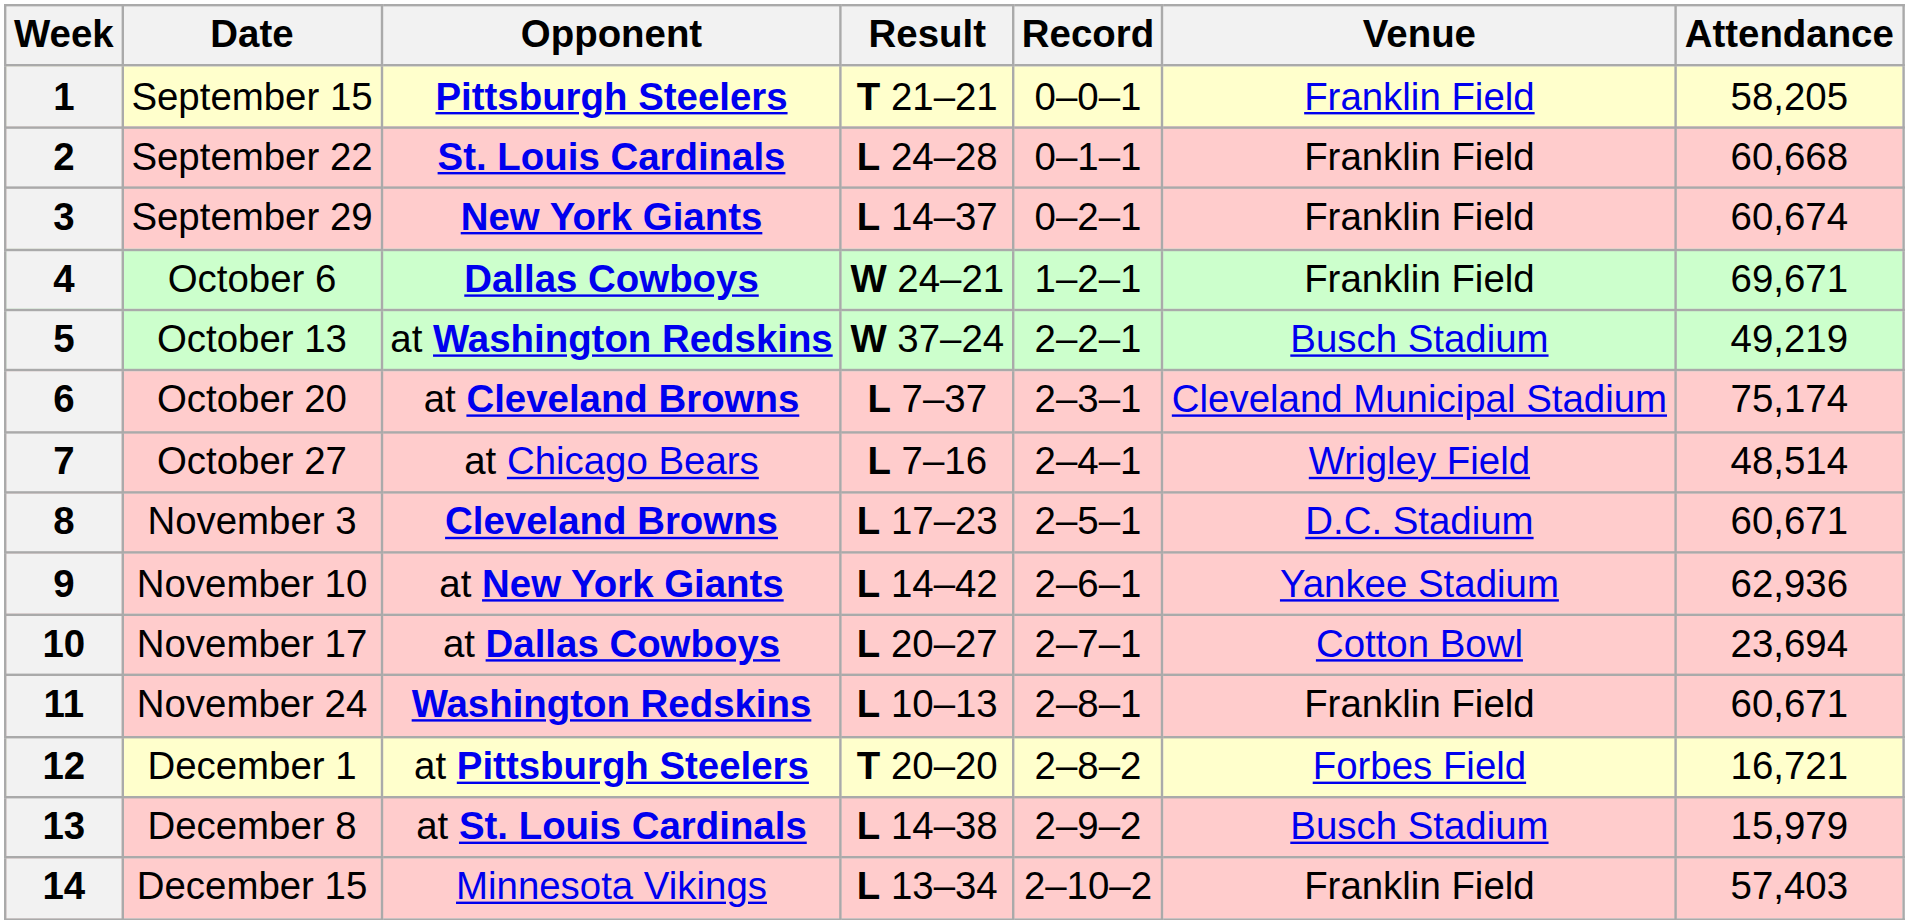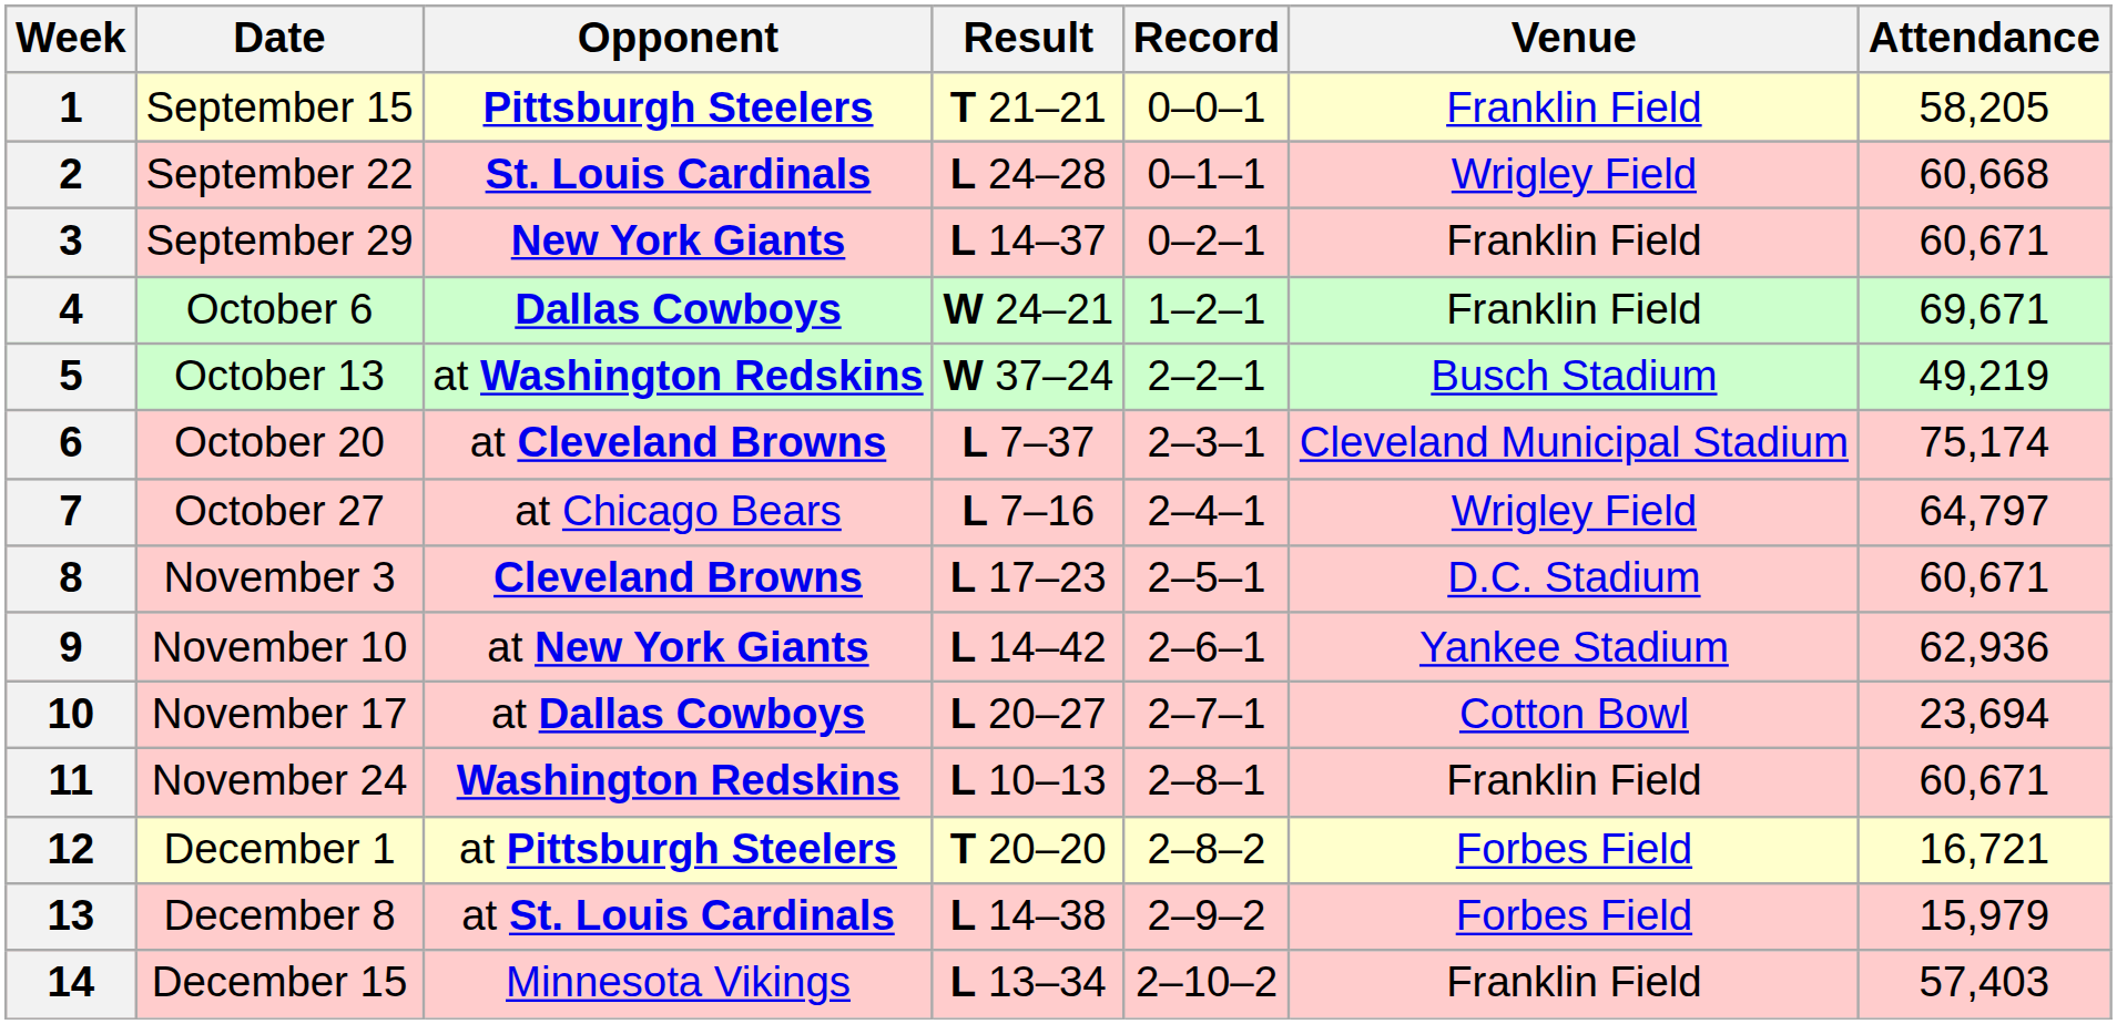 <table class="wikitable" style="text-align:center">
 <tr>
 <th>Week</th>
 <th>Date</th>
 <th>Opponent</th>
 <th>Result</th>
 <th>Record</th>
 <th>Venue</th>
 <th>Attendance</th>
 </tr>
 <tr style="background:#ffc">
 <th>1</th>
 <td>September 15</td>
 <td><strong><a href='#'>Pittsburgh Steelers</a></strong></td>
 <td><strong>T</strong> 21–21</td>
 <td>0–0–1</td>
 <td><a href='#'>Franklin Field</a></td>
 <td>58,205</td>
 </tr>
 <tr style="background:#fcc">
 <th>2</th>
 <td>September 22</td>
 <td><strong><a href='#'>St. Louis Cardinals</a></strong></td>
 <td><strong>L</strong> 24–28</td>
 <td>0–1–1</td>
-<td>Franklin Field</td>
+<td><a href='#'>Wrigley Field</a></td>
 <td>60,668</td>
 </tr>
 <tr style="background:#fcc">
 <th>3</th>
 <td>September 29</td>
 <td><strong><a href='#'>New York Giants</a></strong></td>
 <td><strong>L</strong> 14–37</td>
 <td>0–2–1</td>
 <td>Franklin Field</td>
-<td>60,674</td>
+<td>60,671</td>
 </tr>
 <tr style="background:#cfc">
 <th>4</th>
 <td>October 6</td>
 <td><strong><a href='#'>Dallas Cowboys</a></strong></td>
 <td><strong>W</strong> 24–21</td>
 <td>1–2–1</td>
 <td>Franklin Field</td>
 <td>69,671</td>
 </tr>
 <tr style="background:#cfc">
 <th>5</th>
 <td>October 13</td>
 <td>at <strong><a href='#'>Washington Redskins</a></strong></td>
 <td><strong>W</strong> 37–24</td>
 <td>2–2–1</td>
 <td><a href='#'>Busch Stadium</a></td>
 <td>49,219</td>
 </tr>
 <tr style="background:#fcc">
 <th>6</th>
 <td>October 20</td>
 <td>at <strong><a href='#'>Cleveland Browns</a></strong></td>
 <td><strong>L</strong> 7–37</td>
 <td>2–3–1</td>
 <td><a href='#'>Cleveland Municipal Stadium</a></td>
 <td>75,174</td>
 </tr>
 <tr style="background:#fcc">
 <th>7</th>
 <td>October 27</td>
 <td>at <a href='#'>Chicago Bears</a></td>
 <td><strong>L</strong> 7–16</td>
 <td>2–4–1</td>
 <td><a href='#'>Wrigley Field</a></td>
-<td>48,514</td>
+<td>64,797</td>
 </tr>
 <tr style="background:#fcc">
 <th>8</th>
 <td>November 3</td>
 <td><strong><a href='#'>Cleveland Browns</a></strong></td>
 <td><strong>L</strong> 17–23</td>
 <td>2–5–1</td>
 <td><a href='#'>D.C. Stadium</a></td>
 <td>60,671</td>
 </tr>
 <tr style="background:#fcc">
 <th>9</th>
 <td>November 10</td>
 <td>at <strong><a href='#'>New York Giants</a></strong></td>
 <td><strong>L</strong> 14–42</td>
 <td>2–6–1</td>
 <td><a href='#'>Yankee Stadium</a></td>
 <td>62,936</td>
 </tr>
 <tr style="background:#fcc">
 <th>10</th>
 <td>November 17</td>
 <td>at <strong><a href='#'>Dallas Cowboys</a></strong></td>
 <td><strong>L</strong> 20–27</td>
 <td>2–7–1</td>
 <td><a href='#'>Cotton Bowl</a></td>
 <td>23,694</td>
 </tr>
 <tr style="background:#fcc">
 <th>11</th>
 <td>November 24</td>
 <td><strong><a href='#'>Washington Redskins</a></strong></td>
 <td><strong>L</strong> 10–13</td>
 <td>2–8–1</td>
 <td>Franklin Field</td>
 <td>60,671</td>
 </tr>
 <tr style="background:#ffc">
 <th>12</th>
 <td>December 1</td>
 <td>at <strong><a href='#'>Pittsburgh Steelers</a></strong></td>
 <td><strong>T</strong> 20–20</td>
 <td>2–8–2</td>
 <td><a href='#'>Forbes Field</a></td>
 <td>16,721</td>
 </tr>
 <tr style="background:#fcc">
 <th>13</th>
 <td>December 8</td>
 <td>at <strong><a href='#'>St. Louis Cardinals</a></strong></td>
 <td><strong>L</strong> 14–38</td>
 <td>2–9–2</td>
-<td><a href='#'>Busch Stadium</a></td>
+<td><a href='#'>Forbes Field</a></td>
 <td>15,979</td>
 </tr>
 <tr style="background:#fcc">
 <th>14</th>
 <td>December 15</td>
 <td><a href='#'>Minnesota Vikings</a></td>
 <td><strong>L</strong> 13–34</td>
 <td>2–10–2</td>
 <td>Franklin Field</td>
 <td>57,403</td>
 </tr>
 </table>
